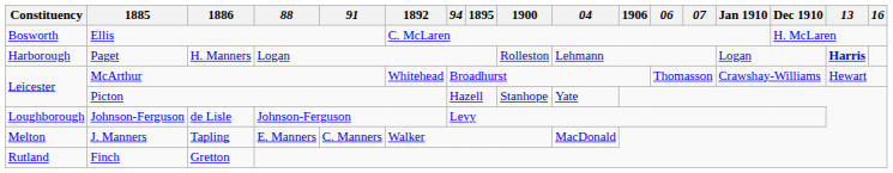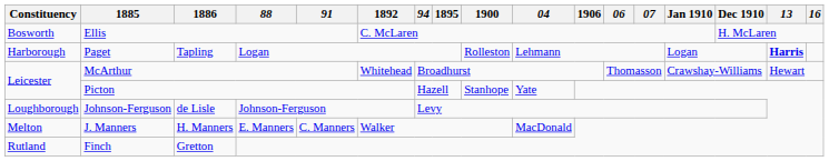 <table class="wikitable">
 <tr>
 <th>Constituency</th>
 <th>1885</th>
 <th>1886</th>
 <th><em>88</em></th>
 <th><em>91</em></th>
 <th>1892</th>
 <th><em>94</em></th>
 <th>1895</th>
 <th>1900</th>
 <th><em>04</em></th>
 <th>1906</th>
 <th><em>06</em></th>
 <th><em>07</em></th>
 <th>Jan 1910</th>
 <th>Dec 1910</th>
 <th><em>13</em></th>
 <th><em>16</em></th>
 </tr>
 <tr>
 <td><a href='#'>Bosworth</a></td>
 <td colspan="4"><a href='#'>Ellis</a></td>
 <td colspan="9"><a href='#'>C. McLaren</a></td>
 <td colspan="3"><a href='#'>H. McLaren</a></td>
 </tr>
 <tr>
 <td><a href='#'>Harborough</a></td>
 <td><a href='#'>Paget</a></td>
-<td><a href='#'>H. Manners</a></td>
+<td><a href='#'>Tapling</a></td>
 <td colspan="5"><a href='#'>Logan</a></td>
 <td><a href='#'>Rolleston</a></td>
 <td colspan="4"><a href='#'>Lehmann</a></td>
 <td colspan="2"><a href='#'>Logan</a></td>
 <td><strong><a href='#'>Harris</a></strong></td>
 </tr>
 <tr>
 <td rowspan="2"><a href='#'>Leicester</a></td>
 <td colspan="4"><a href='#'>McArthur</a></td>
 <td><a href='#'>Whitehead</a></td>
 <td colspan="5"><a href='#'>Broadhurst</a></td>
 <td colspan="2"><a href='#'>Thomasson</a></td>
 <td colspan="2"><a href='#'>Crawshay-Williams</a></td>
 <td colspan="2"><a href='#'>Hewart</a></td>
 </tr>
 <tr>
 <td colspan="5"><a href='#'>Picton</a></td>
 <td colspan="2"><a href='#'>Hazell</a></td>
 <td><a href='#'>Stanhope</a></td>
 <td><a href='#'>Yate</a></td>
 </tr>
 <tr>
 <td><a href='#'>Loughborough</a></td>
 <td><a href='#'>Johnson-Ferguson</a></td>
 <td><a href='#'>de Lisle</a></td>
 <td colspan="3"><a href='#'>Johnson-Ferguson</a></td>
 <td colspan="9"><a href='#'>Levy</a></td>
 </tr>
 <tr>
 <td><a href='#'>Melton</a></td>
 <td><a href='#'>J. Manners</a></td>
-<td><a href='#'>Tapling</a></td>
+<td><a href='#'>H. Manners</a></td>
 <td><a href='#'>E. Manners</a></td>
 <td><a href='#'>C. Manners</a></td>
 <td colspan="4"><a href='#'>Walker</a></td>
 <td><a href='#'>MacDonald</a></td>
 </tr>
 <tr>
 <td><a href='#'>Rutland</a></td>
 <td><a href='#'>Finch</a></td>
 <td><a href='#'>Gretton</a></td>
 </tr>
 </table>
